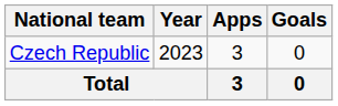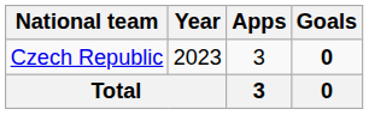 <table class="wikitable" style="text-align:center">
 <tr>
 <th>National team</th>
 <th>Year</th>
 <th>Apps</th>
 <th>Goals</th>
 </tr>
 <tr>
 <td><a href='#'>Czech Republic</a></td>
 <td>2023</td>
 <td>3</td>
-<td>0</td>
+<td><strong>0</strong></td>
 </tr>
 <tr>
 <th colspan="2">Total</th>
 <th>3</th>
 <th>0</th>
 </tr>
 </table>
